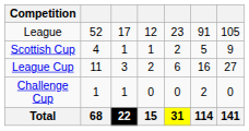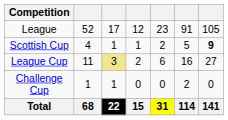 <table class="wikitable" style="text-align:center">
 <tr>
 <th width=100>Competition</th>
 <th width=35></th>
 <th width=30></th>
 <th width=30></th>
 <th width=30></th>
 <th width=30></th>
 <th width=30></th>
 </tr>
 <tr>
 <td>League</td>
 <td>52</td>
 <td>17</td>
 <td>12</td>
 <td>23</td>
 <td>91</td>
 <td>105</td>
 </tr>
 <tr>
 <td><a href='#'>Scottish Cup</a></td>
 <td>4</td>
 <td>1</td>
 <td>1</td>
 <td>2</td>
 <td>5</td>
-<td>9</td>
+<td><strong>9</strong></td>
 </tr>
 <tr>
 <td><a href='#'>League Cup</a></td>
 <td>11</td>
-<td>3</td>
+<td style="background: khaki;">3</td>
 <td>2</td>
 <td>6</td>
 <td>16</td>
 <td>27</td>
 </tr>
 <tr>
 <td><a href='#'>Challenge Cup</a></td>
 <td>1</td>
 <td>1</td>
 <td>0</td>
 <td>0</td>
 <td>2</td>
 <td>0</td>
 </tr>
 <tr>
 <th>Total</th>
 <th>68</th>
 <th style="text-align:center; color:white; background:black;">22</th>
 <th>15</th>
 <th style="text-align:center; color:black; background:yellow;">31</th>
 <th>114</th>
 <th>141</th>
 </tr>
 </table>
